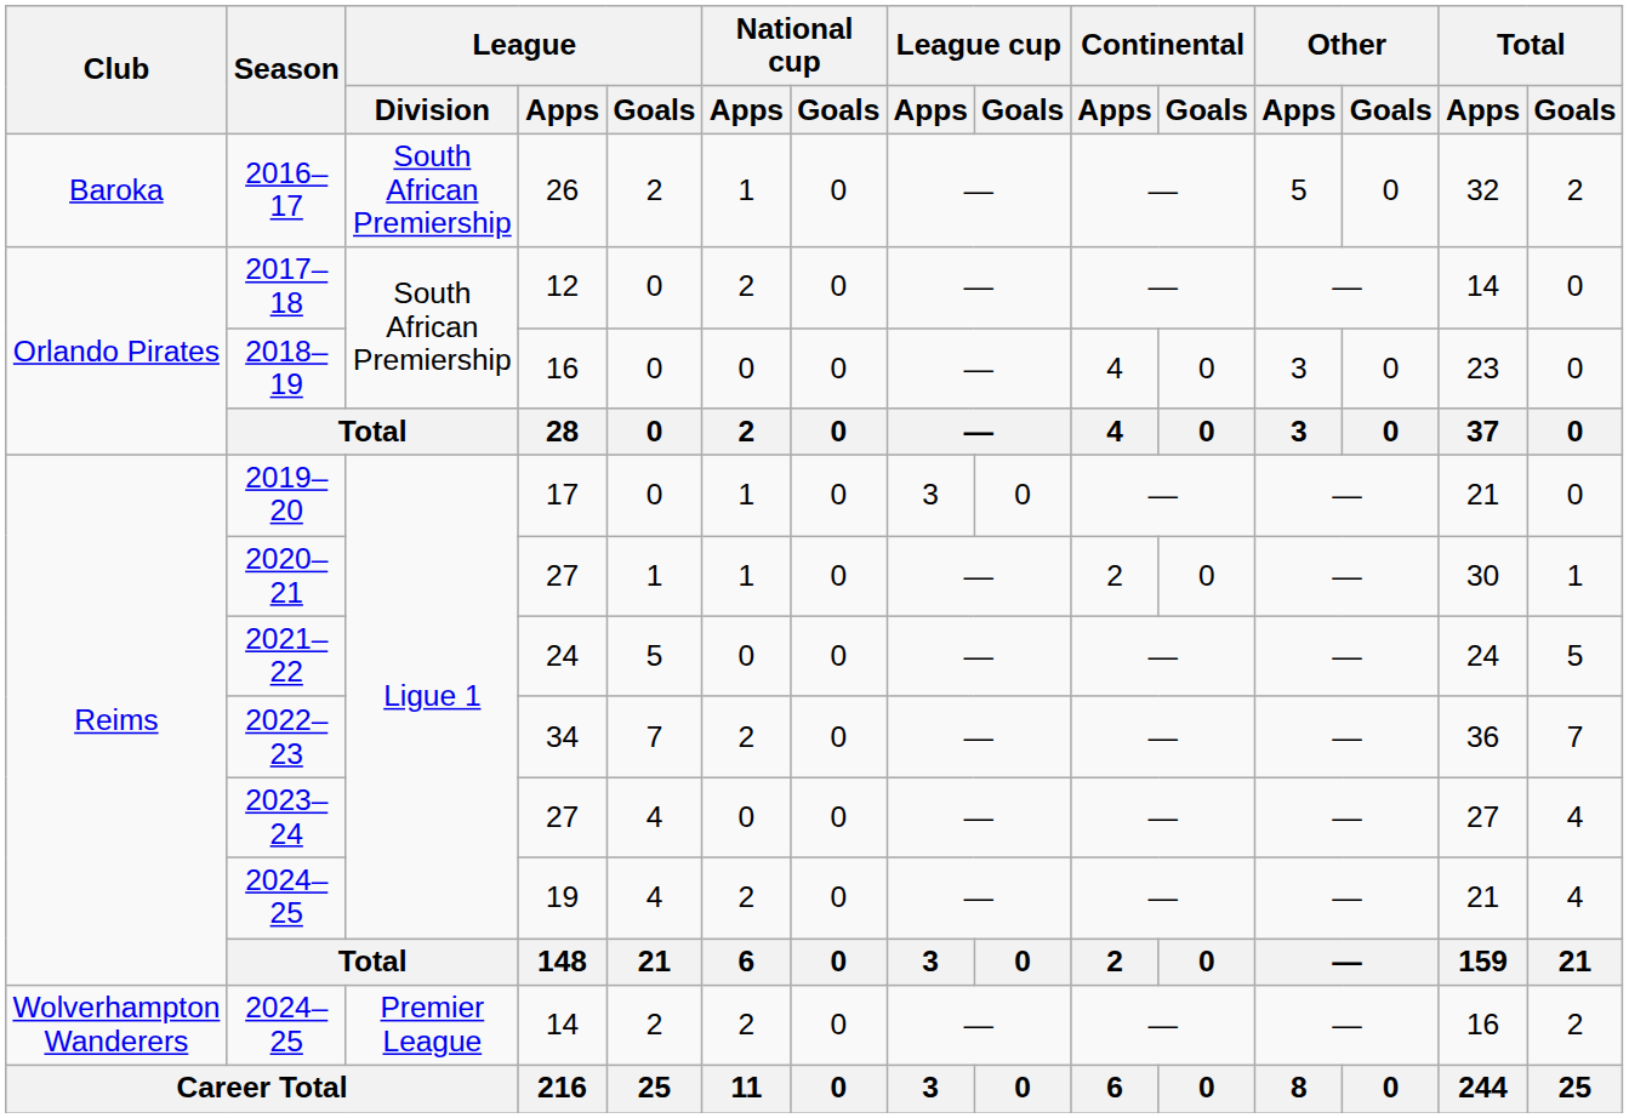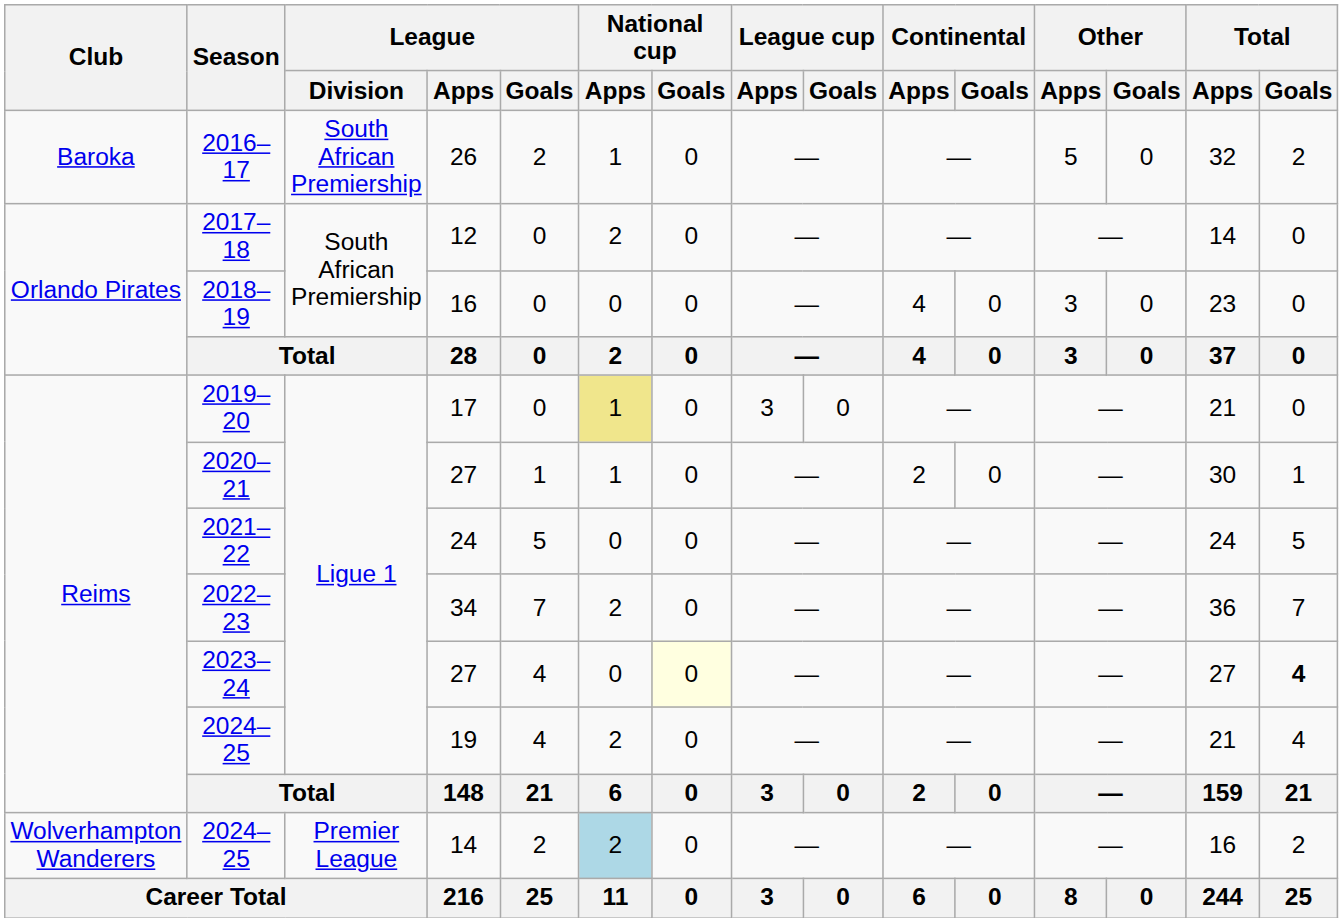 <table class="wikitable" Style="text-align: center;">
 <tr>
 <th rowspan="2">Club</th>
 <th rowspan="2">Season</th>
 <th colspan="3">League</th>
 <th colspan="2">National cup</th>
 <th colspan="2">League cup</th>
 <th colspan="2">Continental</th>
 <th colspan="2">Other</th>
 <th colspan="2">Total</th>
 </tr>
 <tr>
 <th>Division</th>
 <th>Apps</th>
 <th>Goals</th>
 <th>Apps</th>
 <th>Goals</th>
 <th>Apps</th>
 <th>Goals</th>
 <th>Apps</th>
 <th>Goals</th>
 <th>Apps</th>
 <th>Goals</th>
 <th>Apps</th>
 <th>Goals</th>
 </tr>
 <tr>
 <td><a href='#'>Baroka</a></td>
 <td><a href='#'>2016–17</a></td>
 <td><a href='#'>South African Premiership</a></td>
 <td>26</td>
 <td>2</td>
 <td>1</td>
 <td>0</td>
 <td colspan="2">—</td>
 <td colspan="2">—</td>
 <td>5</td>
 <td>0</td>
 <td>32</td>
 <td>2</td>
 </tr>
 <tr>
 <td rowspan="3"><a href='#'>Orlando Pirates</a></td>
 <td><a href='#'>2017–18</a></td>
 <td rowspan="2">South African Premiership</td>
 <td>12</td>
 <td>0</td>
 <td>2</td>
 <td>0</td>
 <td colspan="2">—</td>
 <td colspan="2">—</td>
 <td colspan="2">—</td>
 <td>14</td>
 <td>0</td>
 </tr>
 <tr>
 <td><a href='#'>2018–19</a></td>
 <td>16</td>
 <td>0</td>
 <td>0</td>
 <td>0</td>
 <td colspan="2">—</td>
 <td>4</td>
 <td>0</td>
 <td>3</td>
 <td>0</td>
 <td>23</td>
 <td>0</td>
 </tr>
 <tr>
 <th colspan="2">Total</th>
 <th>28</th>
 <th>0</th>
 <th>2</th>
 <th>0</th>
 <th colspan="2">—</th>
 <th>4</th>
 <th>0</th>
 <th>3</th>
 <th>0</th>
 <th>37</th>
 <th>0</th>
 </tr>
 <tr>
 <td rowspan="7"><a href='#'>Reims</a></td>
 <td><a href='#'>2019–20</a></td>
 <td rowspan="6"><a href='#'>Ligue 1</a></td>
 <td>17</td>
 <td>0</td>
-<td>1</td>
+<td style="background: khaki;">1</td>
 <td>0</td>
 <td>3</td>
 <td>0</td>
 <td colspan="2">—</td>
 <td colspan="2">—</td>
 <td>21</td>
 <td>0</td>
 </tr>
 <tr>
 <td><a href='#'>2020–21</a></td>
 <td>27</td>
 <td>1</td>
 <td>1</td>
 <td>0</td>
 <td colspan="2">—</td>
 <td>2</td>
 <td>0</td>
 <td colspan="2">—</td>
 <td>30</td>
 <td>1</td>
 </tr>
 <tr>
 <td><a href='#'>2021–22</a></td>
 <td>24</td>
 <td>5</td>
 <td>0</td>
 <td>0</td>
 <td colspan="2">—</td>
 <td colspan="2">—</td>
 <td colspan="2">—</td>
 <td>24</td>
 <td>5</td>
 </tr>
 <tr>
 <td><a href='#'>2022–23</a></td>
 <td>34</td>
 <td>7</td>
 <td>2</td>
 <td>0</td>
 <td colspan="2">—</td>
 <td colspan="2">—</td>
 <td colspan="2">—</td>
 <td>36</td>
 <td>7</td>
 </tr>
 <tr>
 <td><a href='#'>2023–24</a></td>
 <td>27</td>
 <td>4</td>
 <td>0</td>
-<td>0</td>
+<td style="background: lightyellow;">0</td>
 <td colspan="2">—</td>
 <td colspan="2">—</td>
 <td colspan="2">—</td>
 <td>27</td>
-<td>4</td>
+<td><strong>4</strong></td>
 </tr>
 <tr>
 <td><a href='#'>2024–25</a></td>
 <td>19</td>
 <td>4</td>
 <td>2</td>
 <td>0</td>
 <td colspan="2">—</td>
 <td colspan="2">—</td>
 <td colspan="2">—</td>
 <td>21</td>
 <td>4</td>
 </tr>
 <tr>
 <th colspan="2">Total</th>
 <th>148</th>
 <th>21</th>
 <th>6</th>
 <th>0</th>
 <th>3</th>
 <th>0</th>
 <th>2</th>
 <th>0</th>
 <th colspan="2">—</th>
 <th>159</th>
 <th>21</th>
 </tr>
 <tr>
 <td><a href='#'>Wolverhampton Wanderers</a></td>
 <td><a href='#'>2024–25</a></td>
 <td><a href='#'>Premier League</a></td>
 <td>14</td>
 <td>2</td>
-<td>2</td>
+<td style="background: lightblue;">2</td>
 <td>0</td>
 <td colspan="2">—</td>
 <td colspan="2">—</td>
 <td colspan="2">—</td>
 <td>16</td>
 <td>2</td>
 </tr>
 <tr>
 <th colspan="3">Career Total</th>
 <th>216</th>
 <th>25</th>
 <th>11</th>
 <th>0</th>
 <th>3</th>
 <th>0</th>
 <th>6</th>
 <th>0</th>
 <th>8</th>
 <th>0</th>
 <th>244</th>
 <th>25</th>
 </tr>
 </table>
